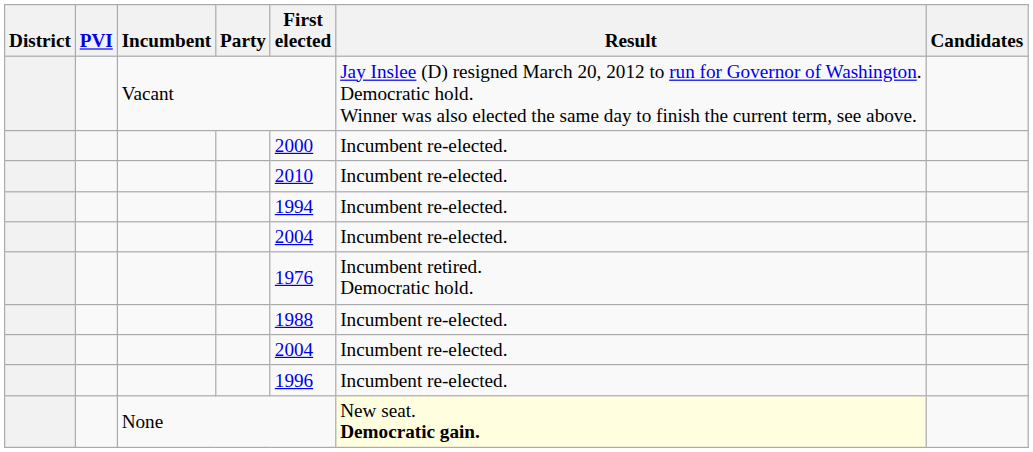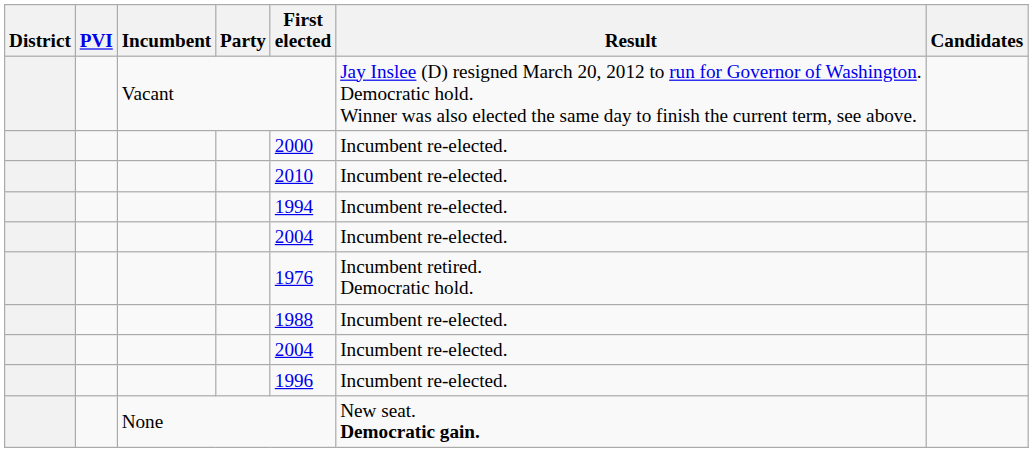 <table class="wikitable sortable">
 <tr valign=bottom>
 <th>District</th>
 <th><a href='#'>PVI</a></th>
 <th>Incumbent</th>
 <th>Party</th>
 <th>First<br>elected</th>
 <th>Result</th>
 <th>Candidates</th>
 </tr>
 <tr>
 <th></th>
 <td></td>
 <td colspan=3>Vacant</td>
 <td><a href='#'>Jay Inslee</a> (D) resigned March 20, 2012 to <a href='#'>run for Governor of Washington</a>.<br>Democratic hold.<br>Winner was also elected the same day to finish the current term, see above.</td>
 <td nowrap></td>
 </tr>
 <tr>
 <th></th>
 <td></td>
 <td></td>
 <td></td>
 <td><a href='#'>2000</a></td>
 <td>Incumbent re-elected.</td>
 <td nowrap></td>
 </tr>
 <tr>
 <th></th>
 <td></td>
 <td></td>
 <td></td>
 <td><a href='#'>2010</a></td>
 <td>Incumbent re-elected.</td>
 <td nowrap></td>
 </tr>
 <tr>
 <th></th>
 <td></td>
 <td></td>
 <td></td>
 <td><a href='#'>1994</a></td>
 <td>Incumbent re-elected.</td>
 <td nowrap></td>
 </tr>
 <tr>
 <th></th>
 <td></td>
 <td></td>
 <td></td>
 <td><a href='#'>2004</a></td>
 <td>Incumbent re-elected.</td>
 <td nowrap></td>
 </tr>
 <tr>
 <th></th>
 <td></td>
 <td></td>
 <td></td>
 <td><a href='#'>1976</a></td>
 <td>Incumbent retired.<br>Democratic hold.</td>
 <td nowrap></td>
 </tr>
 <tr>
 <th></th>
 <td></td>
 <td></td>
 <td></td>
 <td><a href='#'>1988</a></td>
 <td>Incumbent re-elected.</td>
 <td nowrap></td>
 </tr>
 <tr>
 <th></th>
 <td></td>
 <td></td>
 <td></td>
 <td><a href='#'>2004</a></td>
 <td>Incumbent re-elected.</td>
 <td nowrap></td>
 </tr>
 <tr>
 <th></th>
 <td></td>
 <td></td>
 <td></td>
 <td><a href='#'>1996</a></td>
 <td>Incumbent re-elected.</td>
 <td nowrap></td>
 </tr>
 <tr>
 <th></th>
 <td></td>
 <td colspan=3 data-sort-value="ZZZ">None </td>
-<td style="background: lightyellow;">New seat.<br><strong>Democratic gain.</strong></td>
+<td>New seat.<br><strong>Democratic gain.</strong></td>
 <td nowrap></td>
 </tr>
 </table>
